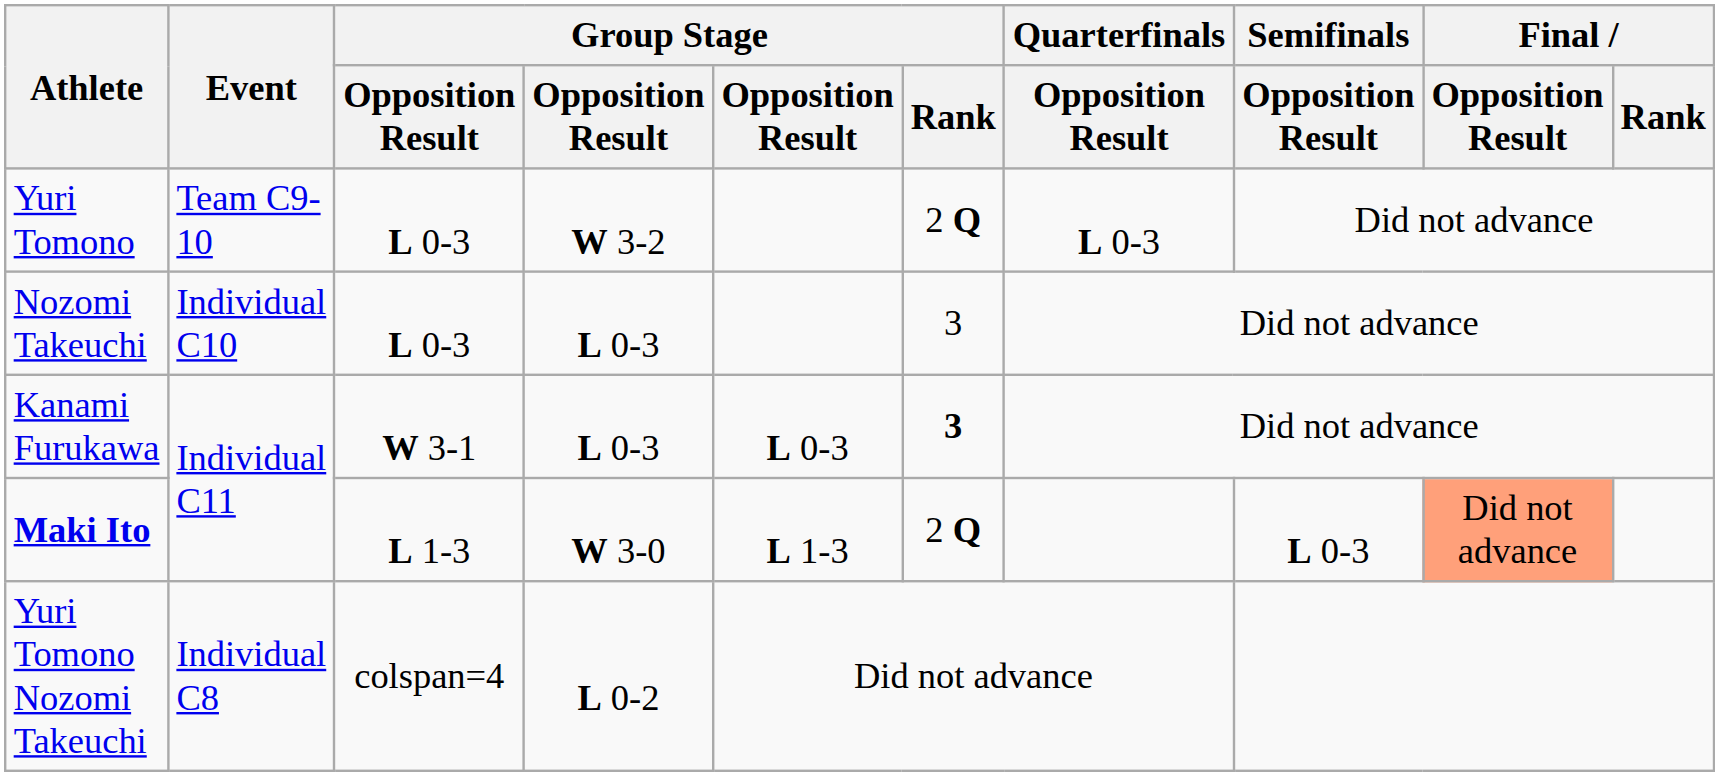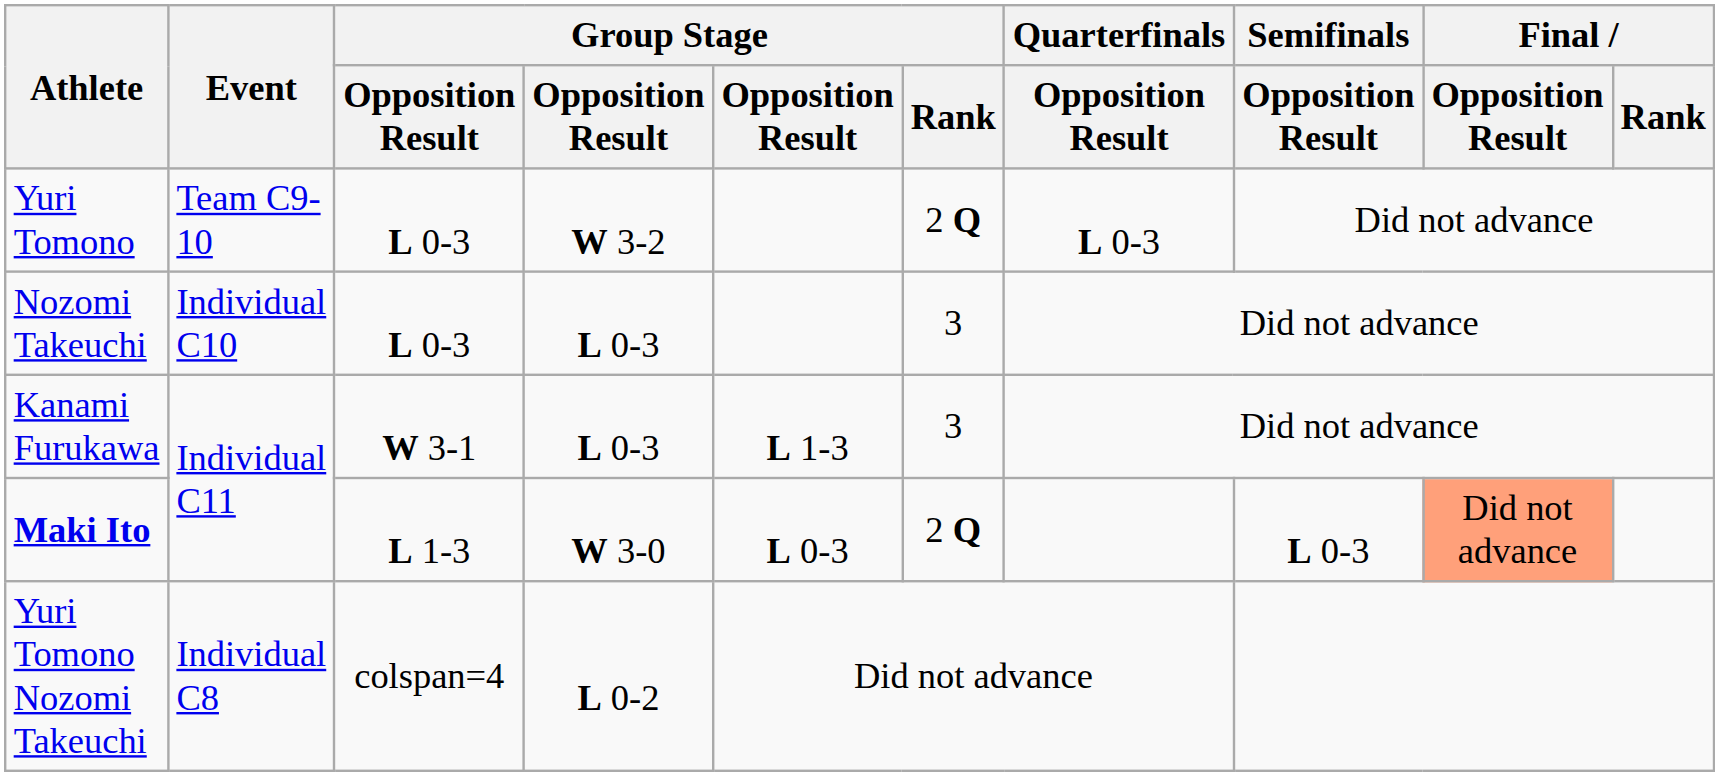 <table class=wikitable style="font-size:95%">
 <tr>
 <th rowspan="2">Athlete</th>
 <th rowspan="2">Event</th>
 <th colspan="4">Group Stage</th>
 <th>Quarterfinals</th>
 <th>Semifinals</th>
 <th colspan="2">Final / </th>
 </tr>
 <tr>
 <th>Opposition<br>Result</th>
 <th>Opposition<br>Result</th>
 <th>Opposition<br>Result</th>
 <th>Rank</th>
 <th>Opposition<br>Result</th>
 <th>Opposition<br>Result</th>
 <th>Opposition<br>Result</th>
 <th>Rank</th>
 </tr>
 <tr align=center>
 <td align=left><a href='#'>Yuri Tomono</a></td>
 <td align=left><a href='#'>Team C9-10</a></td>
 <td><br><strong>L</strong> 0-3</td>
 <td><br><strong>W</strong> 3-2</td>
 <td></td>
 <td>2 <strong>Q</strong></td>
 <td><br><strong>L</strong> 0-3</td>
 <td colspan=3>Did not advance</td>
 </tr>
 <tr align=center>
 <td align=left><a href='#'>Nozomi Takeuchi</a></td>
 <td align=left><a href='#'>Individual C10</a></td>
 <td><br><strong>L</strong> 0-3</td>
 <td><br><strong>L</strong> 0-3</td>
 <td></td>
 <td>3</td>
 <td colspan=4>Did not advance</td>
 </tr>
 <tr align=center>
 <td align=left><a href='#'>Kanami Furukawa</a></td>
 <td align=left rowspan=2><a href='#'>Individual C11</a></td>
 <td><br><strong>W</strong> 3-1</td>
 <td><br><strong>L</strong> 0-3</td>
-<td><br><strong>L</strong> 0-3</td>
-<td><strong>3</strong></td>
+<td><br><strong>L</strong> 1-3</td>
+<td>3</td>
 <td colspan=4>Did not advance</td>
 </tr>
 <tr align=center>
 <td align=left><strong><a href='#'>Maki Ito</a></strong></td>
 <td><br><strong>L</strong> 1-3</td>
 <td><br><strong>W</strong> 3-0</td>
-<td><br><strong>L</strong> 1-3</td>
+<td><br><strong>L</strong> 0-3</td>
 <td>2 <strong>Q</strong></td>
 <td></td>
 <td><br><strong>L</strong> 0-3</td>
 <td style="background: lightsalmon;">Did not advance</td>
 <td></td>
 </tr>
 <tr align=center>
 <td align=left><a href='#'>Yuri Tomono</a><br><a href='#'>Nozomi Takeuchi</a></td>
 <td align=left><a href='#'>Individual C8</a></td>
 <td>colspan=4 </td>
 <td><br><strong>L</strong> 0-2</td>
 <td colspan=3>Did not advance</td>
 </tr>
 </table>
